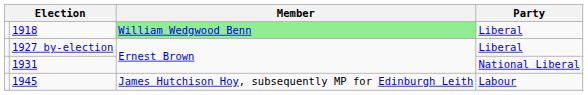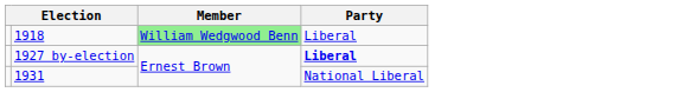 <table class="wikitable">
 <tr>
 <th colspan="2">Election</th>
 <th>Member</th>
 <th>Party</th>
 </tr>
 <tr>
 <td style="color:inherit;background-color: "></td>
 <td><a href='#'>1918</a></td>
 <td style="background: lightgreen;"><a href='#'>William Wedgwood Benn</a></td>
 <td><a href='#'>Liberal</a></td>
 </tr>
 <tr>
 <td style="color:inherit;background-color: "></td>
 <td><a href='#'>1927 by-election</a></td>
 <td rowspan="2"><a href='#'>Ernest Brown</a></td>
-<td><a href='#'>Liberal</a></td>
+<td><strong><a href='#'>Liberal</a></strong></td>
 </tr>
 <tr>
 <td style="color:inherit;background-color: "></td>
 <td><a href='#'>1931</a></td>
 <td><a href='#'>National Liberal</a></td>
 </tr>
-<tr>
-<td style="color:inherit;background-color: "></td>
-<td><a href='#'>1945</a></td>
-<td><a href='#'>James Hutchison Hoy</a>, subsequently MP for <a href='#'>Edinburgh Leith</a></td>
-<td><a href='#'>Labour</a></td>
-</tr>
 </table>
